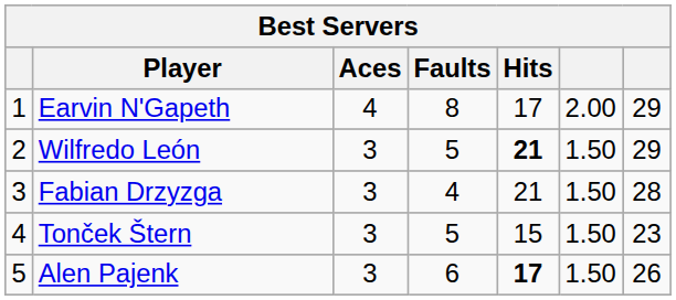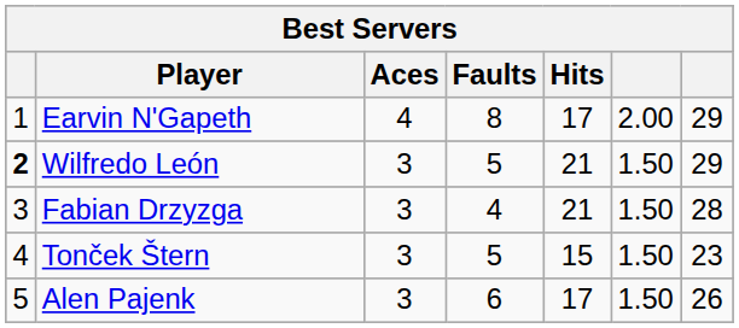 <table class="wikitable sortable" style=font-size:90%>
 <tr>
 <th colspan=7>Best Servers</th>
 </tr>
 <tr>
 <th></th>
 <th width=158>Player</th>
 <th width=20>Aces</th>
 <th width=20>Faults</th>
 <th width=20>Hits</th>
 <th width=20></th>
 <th width=20></th>
 </tr>
 <tr>
 <td>1</td>
 <td> <a href='#'>Earvin N'Gapeth</a></td>
 <td align=center>4</td>
 <td align=center>8</td>
 <td align=center>17</td>
 <td align=center>2.00</td>
 <td align=center>29</td>
 </tr>
 <tr>
-<td>2</td>
+<td><strong>2</strong></td>
 <td> <a href='#'>Wilfredo León</a></td>
 <td align=center>3</td>
 <td align=center>5</td>
-<td align=center><strong>21</strong></td>
+<td align=center>21</td>
 <td align=center>1.50</td>
 <td align=center>29</td>
 </tr>
 <tr>
 <td>3</td>
 <td> <a href='#'>Fabian Drzyzga</a></td>
 <td align=center>3</td>
 <td align=center>4</td>
 <td align=center>21</td>
 <td align=center>1.50</td>
 <td align=center>28</td>
 </tr>
 <tr>
 <td>4</td>
 <td> <a href='#'>Tonček Štern</a></td>
 <td align=center>3</td>
 <td align=center>5</td>
 <td align=center>15</td>
 <td align=center>1.50</td>
 <td align=center>23</td>
 </tr>
 <tr>
 <td>5</td>
 <td> <a href='#'>Alen Pajenk</a></td>
 <td align=center>3</td>
 <td align=center>6</td>
-<td align=center><strong>17</strong></td>
+<td align=center>17</td>
 <td align=center>1.50</td>
 <td align=center>26</td>
 </tr>
 </table>
